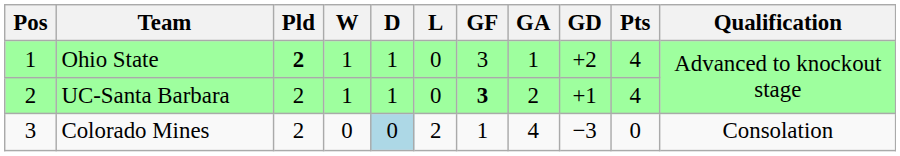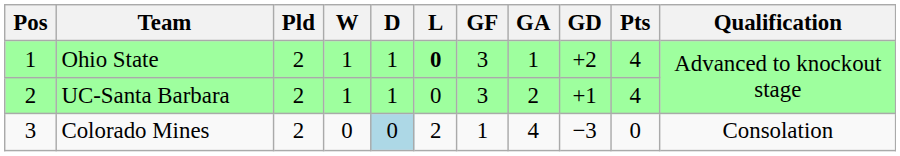 <table class="wikitable" style="text-align:center; margin: 1em auto">
 <tr>
 <th style="width:2em">Pos</th>
 <th style="width:13em">Team</th>
 <th style="width:2em">Pld</th>
 <th style="width:2em">W</th>
 <th style="width:2em">D</th>
 <th style="width:2em">L</th>
 <th style="width:2em">GF</th>
 <th style="width:2em">GA</th>
 <th style="width:2em">GD</th>
 <th style="width:2em">Pts</th>
 <th style="width:13em">Qualification</th>
 </tr>
 <tr bgcolor="#9eff9e">
 <td>1</td>
 <td style="text-align:left">Ohio State</td>
-<td><strong>2</strong></td>
+<td>2</td>
 <td>1</td>
 <td>1</td>
-<td>0</td>
+<td><strong>0</strong></td>
 <td>3</td>
 <td>1</td>
 <td>+2</td>
 <td>4</td>
 <td rowspan="2">Advanced to knockout stage</td>
 </tr>
 <tr bgcolor="#9eff9e">
 <td>2</td>
 <td style="text-align:left">UC-Santa Barbara</td>
 <td>2</td>
 <td>1</td>
 <td>1</td>
 <td>0</td>
-<td><strong>3</strong></td>
+<td>3</td>
 <td>2</td>
 <td>+1</td>
 <td>4</td>
 </tr>
 <tr>
 <td>3</td>
 <td style="text-align:left">Colorado Mines</td>
 <td>2</td>
 <td>0</td>
 <td style="background: lightblue;">0</td>
 <td>2</td>
 <td>1</td>
 <td>4</td>
 <td>−3</td>
 <td>0</td>
 <td>Consolation</td>
 </tr>
 </table>
